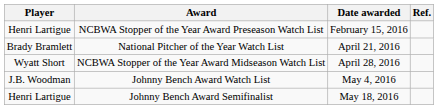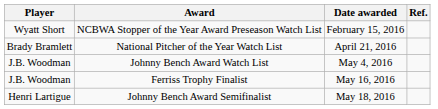 <table class="wikitable sortable sortable" style="text-align: center">
 <tr>
 <th>Player</th>
 <th>Award</th>
 <th>Date awarded</th>
 <th>Ref.</th>
 </tr>
 <tr>
-<td>Henri Lartigue</td>
+<td>Wyatt Short</td>
 <td>NCBWA Stopper of the Year Award Preseason Watch List</td>
 <td>February 15, 2016</td>
 <td></td>
 </tr>
 <tr>
 <td>Brady Bramlett</td>
 <td>National Pitcher of the Year Watch List</td>
 <td>April 21, 2016</td>
 <td></td>
 </tr>
 <tr>
-<td>Wyatt Short</td>
-<td>NCBWA Stopper of the Year Award Midseason Watch List</td>
-<td>April 28, 2016</td>
+<td>J.B. Woodman</td>
+<td>Johnny Bench Award Watch List</td>
+<td>May 4, 2016</td>
 <td></td>
 </tr>
 <tr>
 <td>J.B. Woodman</td>
-<td>Johnny Bench Award Watch List</td>
-<td>May 4, 2016</td>
+<td>Ferriss Trophy Finalist</td>
+<td>May 16, 2016</td>
 <td></td>
 </tr>
 <tr>
 <td>Henri Lartigue</td>
 <td>Johnny Bench Award Semifinalist</td>
 <td>May 18, 2016</td>
 <td></td>
 </tr>
 </table>
